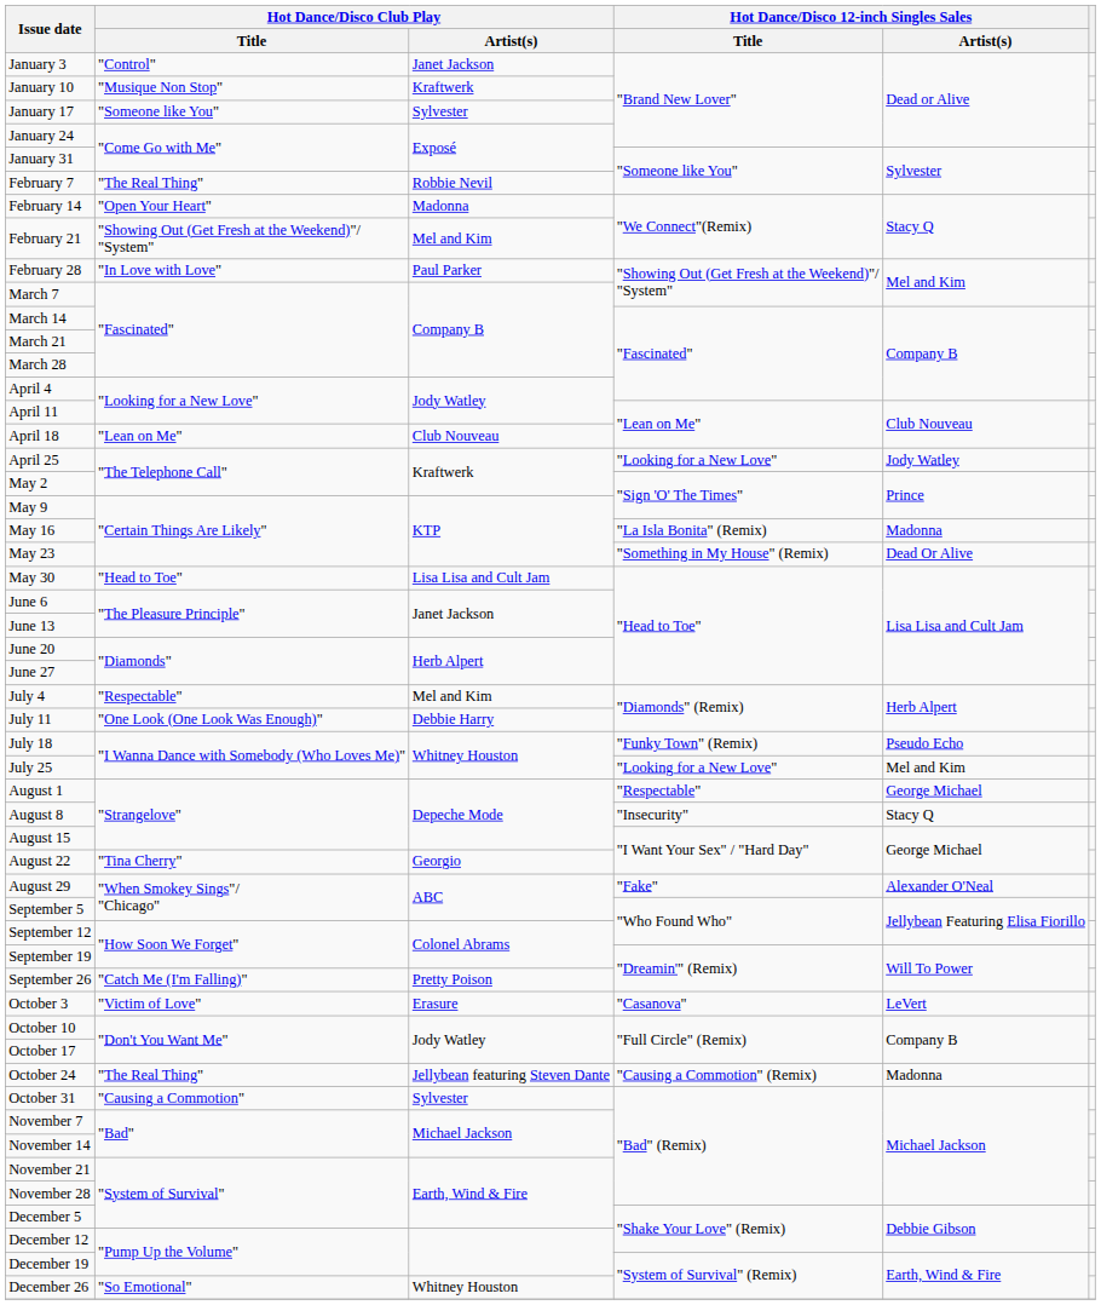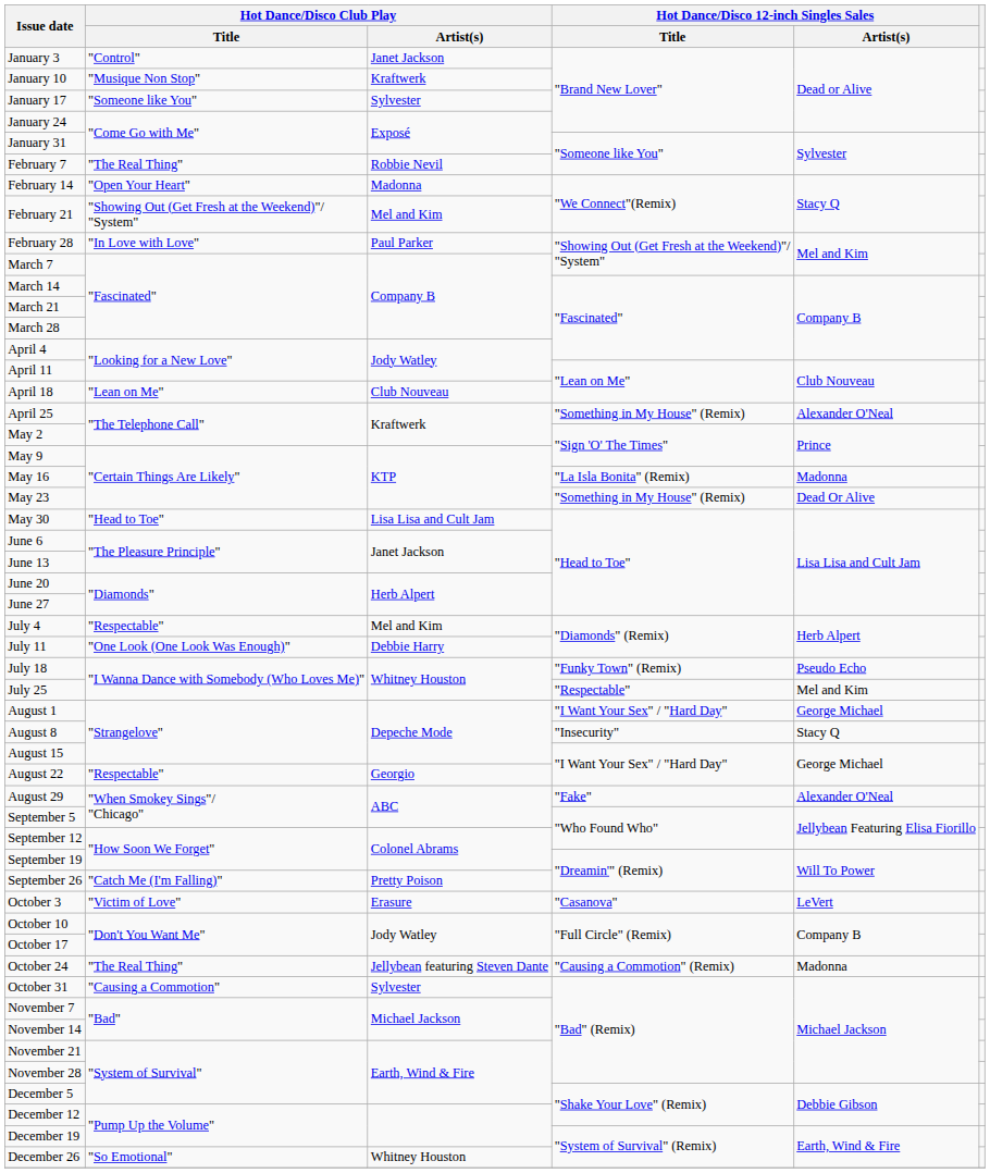 <table class="wikitable sortable plainrowheaders">
 <tr>
 <th scope=col rowspan=2>Issue date</th>
 <th scope=colgroup colspan=2><a href='#'>Hot Dance/Disco Club Play</a></th>
 <th scope=colgroup colspan=2><a href='#'>Hot Dance/Disco 12-inch Singles Sales</a></th>
 <th scope=col class=unsortable rowspan=2></th>
 </tr>
 <tr>
 <th scope=col>Title</th>
 <th scope=col>Artist(s)</th>
 <th scope=col>Title</th>
 <th scope=col>Artist(s)</th>
 </tr>
 <tr>
 <td>January 3</td>
 <td>"<a href='#'>Control</a>"</td>
 <td><a href='#'>Janet Jackson</a></td>
 <td rowspan="4">"<a href='#'>Brand New Lover</a>"</td>
 <td rowspan="4"><a href='#'>Dead or Alive</a></td>
 <td></td>
 </tr>
 <tr>
 <td>January 10</td>
 <td>"<a href='#'>Musique Non Stop</a>"</td>
 <td><a href='#'>Kraftwerk</a></td>
 <td></td>
 </tr>
 <tr>
 <td>January 17</td>
 <td>"<a href='#'>Someone like You</a>"</td>
 <td><a href='#'>Sylvester</a></td>
 <td></td>
 </tr>
 <tr>
 <td>January 24</td>
 <td rowspan="2">"<a href='#'>Come Go with Me</a>"</td>
 <td rowspan="2"><a href='#'>Exposé</a></td>
 <td></td>
 </tr>
 <tr>
 <td>January 31</td>
 <td rowspan="2">"<a href='#'>Someone like You</a>"</td>
 <td rowspan="2"><a href='#'>Sylvester</a></td>
 <td></td>
 </tr>
 <tr>
 <td>February 7</td>
 <td>"<a href='#'>The Real Thing</a>"</td>
 <td><a href='#'>Robbie Nevil</a></td>
 <td></td>
 </tr>
 <tr>
 <td>February 14</td>
 <td>"<a href='#'>Open Your Heart</a>"</td>
 <td><a href='#'>Madonna</a></td>
 <td rowspan="2">"<a href='#'>We Connect</a>"(Remix)</td>
 <td rowspan="2"><a href='#'>Stacy Q</a></td>
 <td></td>
 </tr>
 <tr>
 <td>February 21</td>
 <td>"<a href='#'>Showing Out (Get Fresh at the Weekend)</a>"/<br>"System"</td>
 <td><a href='#'>Mel and Kim</a></td>
 <td></td>
 </tr>
 <tr>
 <td>February 28</td>
 <td>"<a href='#'>In Love with Love</a>"</td>
 <td><a href='#'>Paul Parker</a></td>
 <td rowspan="2">"<a href='#'>Showing Out (Get Fresh at the Weekend)</a>"/<br>"System"</td>
 <td rowspan="2"><a href='#'>Mel and Kim</a></td>
 <td></td>
 </tr>
 <tr>
 <td>March 7</td>
 <td rowspan="4">"<a href='#'>Fascinated</a>"</td>
 <td rowspan="4"><a href='#'>Company B</a></td>
 <td></td>
 </tr>
 <tr>
 <td>March 14</td>
 <td rowspan="4">"<a href='#'>Fascinated</a>"</td>
 <td rowspan="4"><a href='#'>Company B</a></td>
 <td></td>
 </tr>
 <tr>
 <td>March 21</td>
 <td></td>
 </tr>
 <tr>
 <td>March 28</td>
 <td></td>
 </tr>
 <tr>
 <td>April 4</td>
 <td rowspan="2">"<a href='#'>Looking for a New Love</a>"</td>
 <td rowspan="2"><a href='#'>Jody Watley</a></td>
 <td></td>
 </tr>
 <tr>
 <td>April 11</td>
 <td rowspan="2">"<a href='#'>Lean on Me</a>"</td>
 <td rowspan="2"><a href='#'>Club Nouveau</a></td>
 <td></td>
 </tr>
 <tr>
 <td>April 18</td>
 <td>"<a href='#'>Lean on Me</a>"</td>
 <td><a href='#'>Club Nouveau</a></td>
 <td></td>
 </tr>
 <tr>
 <td>April 25</td>
 <td rowspan="2">"<a href='#'>The Telephone Call</a>"</td>
 <td rowspan="2">Kraftwerk</td>
-<td>"<a href='#'>Looking for a New Love</a>"</td>
-<td><a href='#'>Jody Watley</a></td>
+<td>"<a href='#'>Something in My House</a>" (Remix)</td>
+<td><a href='#'>Alexander O'Neal</a></td>
 <td></td>
 </tr>
 <tr>
 <td>May 2</td>
 <td rowspan="2">"<a href='#'>Sign 'O' The Times</a>"</td>
 <td rowspan="2"><a href='#'>Prince</a></td>
 <td></td>
 </tr>
 <tr>
 <td>May 9</td>
 <td rowspan="3">"<a href='#'>Certain Things Are Likely</a>"</td>
 <td rowspan="3"><a href='#'>KTP</a></td>
 <td></td>
 </tr>
 <tr>
 <td>May 16</td>
 <td>"<a href='#'>La Isla Bonita</a>" (Remix)</td>
 <td><a href='#'>Madonna</a></td>
 <td></td>
 </tr>
 <tr>
 <td>May 23</td>
 <td>"<a href='#'>Something in My House</a>" (Remix)</td>
 <td><a href='#'>Dead Or Alive</a></td>
 <td></td>
 </tr>
 <tr>
 <td>May 30</td>
 <td>"<a href='#'>Head to Toe</a>"</td>
 <td><a href='#'>Lisa Lisa and Cult Jam</a></td>
 <td rowspan="5">"<a href='#'>Head to Toe</a>"</td>
 <td rowspan="5"><a href='#'>Lisa Lisa and Cult Jam</a></td>
 <td></td>
 </tr>
 <tr>
 <td>June 6</td>
 <td rowspan="2">"<a href='#'>The Pleasure Principle</a>"</td>
 <td rowspan="2">Janet Jackson</td>
 <td></td>
 </tr>
 <tr>
 <td>June 13</td>
 <td></td>
 </tr>
 <tr>
 <td>June 20</td>
 <td rowspan="2">"<a href='#'>Diamonds</a>"</td>
 <td rowspan="2"><a href='#'>Herb Alpert</a></td>
 <td></td>
 </tr>
 <tr>
 <td>June 27</td>
 <td></td>
 </tr>
 <tr>
 <td>July 4</td>
 <td>"<a href='#'>Respectable</a>"</td>
 <td>Mel and Kim</td>
 <td rowspan="2">"<a href='#'>Diamonds</a>" (Remix)</td>
 <td rowspan="2"><a href='#'>Herb Alpert</a></td>
 <td></td>
 </tr>
 <tr>
 <td>July 11</td>
 <td>"<a href='#'>One Look (One Look Was Enough)</a>"</td>
 <td><a href='#'>Debbie Harry</a></td>
 <td></td>
 </tr>
 <tr>
 <td>July 18</td>
 <td rowspan="2">"<a href='#'>I Wanna Dance with Somebody (Who Loves Me)</a>"</td>
 <td rowspan="2"><a href='#'>Whitney Houston</a></td>
 <td>"<a href='#'>Funky Town</a>" (Remix)</td>
 <td><a href='#'>Pseudo Echo</a></td>
 <td></td>
 </tr>
 <tr>
 <td>July 25</td>
-<td>"<a href='#'>Looking for a New Love</a>"</td>
+<td>"<a href='#'>Respectable</a>"</td>
 <td>Mel and Kim</td>
 <td></td>
 </tr>
 <tr>
 <td>August 1</td>
 <td rowspan="3">"<a href='#'>Strangelove</a>"</td>
 <td rowspan="3"><a href='#'>Depeche Mode</a></td>
-<td>"<a href='#'>Respectable</a>"</td>
+<td>"<a href='#'>I Want Your Sex</a>" / "<a href='#'>Hard Day</a>"</td>
 <td><a href='#'>George Michael</a></td>
 <td></td>
 </tr>
 <tr>
 <td>August 8</td>
 <td>"Insecurity"</td>
 <td>Stacy Q</td>
 <td></td>
 </tr>
 <tr>
 <td>August 15</td>
 <td rowspan="2">"I Want Your Sex" / "Hard Day"</td>
 <td rowspan="2">George Michael</td>
 <td></td>
 </tr>
 <tr>
 <td>August 22</td>
-<td>"<a href='#'>Tina Cherry</a>"</td>
+<td>"<a href='#'>Respectable</a>"</td>
 <td><a href='#'>Georgio</a></td>
 <td></td>
 </tr>
 <tr>
 <td>August 29</td>
 <td rowspan="2">"<a href='#'>When Smokey Sings</a>"/<br>"Chicago"</td>
 <td rowspan="2"><a href='#'>ABC</a></td>
 <td>"<a href='#'>Fake</a>"</td>
 <td><a href='#'>Alexander O'Neal</a></td>
 <td></td>
 </tr>
 <tr>
 <td>September 5</td>
 <td rowspan="2">"Who Found Who"</td>
 <td rowspan="2"><a href='#'>Jellybean</a> Featuring <a href='#'>Elisa Fiorillo</a></td>
 <td></td>
 </tr>
 <tr>
 <td>September 12</td>
 <td rowspan="2">"<a href='#'>How Soon We Forget</a>"</td>
 <td rowspan="2"><a href='#'>Colonel Abrams</a></td>
 <td></td>
 </tr>
 <tr>
 <td>September 19</td>
 <td rowspan="2">"<a href='#'>Dreamin'</a>" (Remix)</td>
 <td rowspan="2"><a href='#'>Will To Power</a></td>
 <td></td>
 </tr>
 <tr>
 <td>September 26</td>
 <td>"<a href='#'>Catch Me (I'm Falling)</a>"</td>
 <td><a href='#'>Pretty Poison</a></td>
 <td></td>
 </tr>
 <tr>
 <td>October 3</td>
 <td>"<a href='#'>Victim of Love</a>"</td>
 <td><a href='#'>Erasure</a></td>
 <td>"<a href='#'>Casanova</a>"</td>
 <td><a href='#'>LeVert</a></td>
 <td></td>
 </tr>
 <tr>
 <td>October 10</td>
 <td rowspan="2">"<a href='#'>Don't You Want Me</a>"</td>
 <td rowspan="2">Jody Watley</td>
 <td rowspan="2">"Full Circle" (Remix)</td>
 <td rowspan="2">Company B</td>
 <td></td>
 </tr>
 <tr>
 <td>October 17</td>
 <td></td>
 </tr>
 <tr>
 <td>October 24</td>
 <td>"<a href='#'>The Real Thing</a>"</td>
 <td><a href='#'>Jellybean</a> featuring <a href='#'>Steven Dante</a></td>
 <td>"<a href='#'>Causing a Commotion</a>" (Remix)</td>
 <td>Madonna</td>
 <td></td>
 </tr>
 <tr>
 <td>October 31</td>
 <td>"<a href='#'>Causing a Commotion</a>"</td>
 <td><a href='#'>Sylvester</a></td>
 <td rowspan="5">"<a href='#'>Bad</a>" (Remix)</td>
 <td rowspan="5"><a href='#'>Michael Jackson</a></td>
 <td></td>
 </tr>
 <tr>
 <td>November 7</td>
 <td rowspan="2">"<a href='#'>Bad</a>"</td>
 <td rowspan="2"><a href='#'>Michael Jackson</a></td>
 <td></td>
 </tr>
 <tr>
 <td>November 14</td>
 <td></td>
 </tr>
 <tr>
 <td>November 21</td>
 <td rowspan="3">"<a href='#'>System of Survival</a>"</td>
 <td rowspan="3"><a href='#'>Earth, Wind & Fire</a></td>
 <td></td>
 </tr>
 <tr>
 <td>November 28</td>
 <td></td>
 </tr>
 <tr>
 <td>December 5</td>
 <td rowspan="2">"<a href='#'>Shake Your Love</a>" (Remix)</td>
 <td rowspan="2"><a href='#'>Debbie Gibson</a></td>
 <td></td>
 </tr>
 <tr>
 <td>December 12</td>
 <td rowspan="2">"<a href='#'>Pump Up the Volume</a>"</td>
 <td rowspan="2"><a href='#'></a></td>
 <td></td>
 </tr>
 <tr>
 <td>December 19</td>
 <td rowspan="2">"<a href='#'>System of Survival</a>" (Remix)</td>
 <td rowspan="2"><a href='#'>Earth, Wind & Fire</a></td>
 <td></td>
 </tr>
 <tr>
 <td>December 26</td>
 <td>"<a href='#'>So Emotional</a>"</td>
 <td>Whitney Houston</td>
 <td></td>
 </tr>
 <tr>
 </tr>
 </table>
